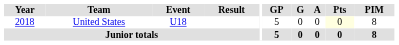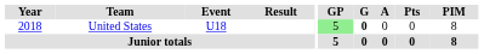 <table border="0" cellpadding="1" cellspacing="0" ID="Table3" style="text-align:center; width:40em">
 <tr ALIGN="center" bgcolor="#e0e0e0">
 <th>Year</th>
 <th>Team</th>
 <th>Event</th>
 <th>Result</th>
 <th rowspan="99" bgcolor="#ffffff"></th>
 <th>GP</th>
 <th>G</th>
 <th>A</th>
 <th>Pts</th>
 <th>PIM</th>
 </tr>
 <tr>
 <td><a href='#'>2018</a></td>
 <td><a href='#'>United States</a></td>
 <td><a href='#'>U18</a></td>
 <td></td>
-<td>5</td>
+<td style="background: lightgreen;">5</td>
+<td><strong>0</strong></td>
 <td>0</td>
 <td>0</td>
-<td style="background: lightyellow;">0</td>
 <td>8</td>
 </tr>
 <tr bgcolor="#e0e0e0">
 <th colspan="4">Junior totals</th>
 <th>5</th>
 <th>0</th>
 <th>0</th>
 <th>0</th>
 <th>8</th>
 </tr>
 </table>
